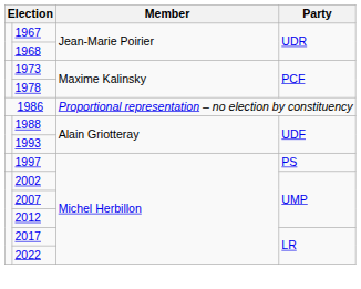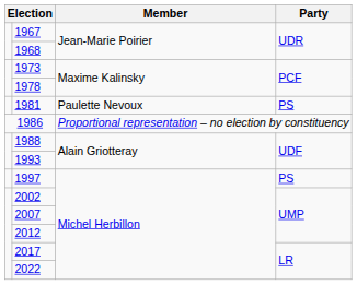 <table class="wikitable">
 <tr>
 <th colspan="2">Election</th>
 <th>Member</th>
 <th>Party</th>
 </tr>
 <tr>
 <td rowspan="2" style="color:inherit;background-color: "></td>
 <td><a href='#'>1967</a></td>
 <td rowspan="2">Jean-Marie Poirier</td>
 <td rowspan="2"><a href='#'>UDR</a></td>
 </tr>
 <tr>
 <td><a href='#'>1968</a></td>
 </tr>
 <tr>
 <td rowspan="2" style="color:inherit;background-color: "></td>
 <td><a href='#'>1973</a></td>
 <td rowspan="2">Maxime Kalinsky</td>
 <td rowspan="2"><a href='#'>PCF</a></td>
 </tr>
 <tr>
 <td><a href='#'>1978</a></td>
+</tr>
+<tr>
+<td style="color:inherit;background-color: "></td>
+<td><a href='#'>1981</a></td>
+<td>Paulette Nevoux</td>
+<td><a href='#'>PS</a></td>
 </tr>
 <tr>
 <td colspan="2" align="center"><a href='#'>1986</a></td>
 <td colspan="2"><em><a href='#'>Proportional representation</a> – no election by constituency</em></td>
 </tr>
 <tr>
 <td rowspan="2" style="color:inherit;background-color: "></td>
 <td><a href='#'>1988</a></td>
 <td rowspan="2">Alain Griotteray</td>
 <td rowspan="2"><a href='#'>UDF</a></td>
 </tr>
 <tr>
 <td><a href='#'>1993</a></td>
 </tr>
 <tr>
 <td style="color:inherit;background-color: "></td>
 <td><a href='#'>1997</a></td>
 <td rowspan="6"><a href='#'>Michel Herbillon</a></td>
 <td><a href='#'>PS</a></td>
 </tr>
 <tr>
 <td rowspan="5" style="color:inherit;background-color: "></td>
 <td><a href='#'>2002</a></td>
 <td rowspan="3"><a href='#'>UMP</a></td>
 </tr>
 <tr>
 <td><a href='#'>2007</a></td>
 </tr>
 <tr>
 <td><a href='#'>2012</a></td>
 </tr>
 <tr>
 <td><a href='#'>2017</a></td>
 <td rowspan="2"><a href='#'>LR</a></td>
 </tr>
 <tr>
 <td><a href='#'>2022</a></td>
 </tr>
 </table>
